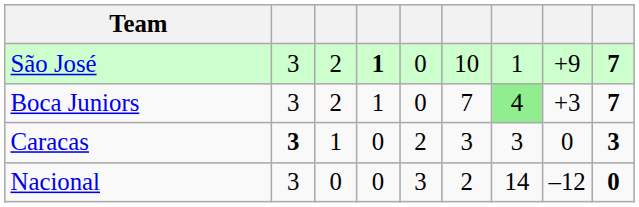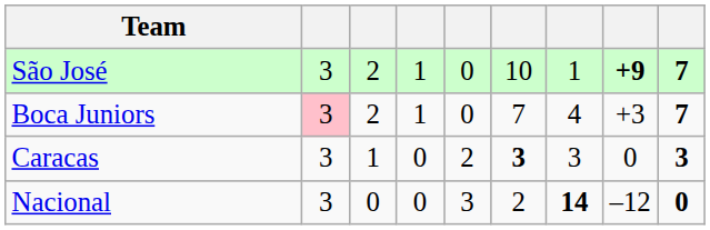 <table class="wikitable" style="text-align: center;">
 <tr>
 <th width=165>Team</th>
 <th width=20></th>
 <th width=20></th>
 <th width=20></th>
 <th width=20></th>
 <th width=25></th>
 <th width=25></th>
 <th width=25></th>
 <th width=20></th>
 </tr>
 <tr bgcolor=ccffcc>
 <td align=left> <a href='#'>São José</a></td>
 <td>3</td>
 <td>2</td>
-<td><strong>1</strong></td>
+<td>1</td>
 <td>0</td>
 <td>10</td>
 <td>1</td>
-<td>+9</td>
+<td><strong>+9</strong></td>
 <td><strong>7</strong></td>
 </tr>
 <tr>
 <td align=left> <a href='#'>Boca Juniors</a></td>
-<td>3</td>
+<td style="background: pink;">3</td>
 <td>2</td>
 <td>1</td>
 <td>0</td>
 <td>7</td>
-<td style="background: lightgreen;">4</td>
+<td>4</td>
 <td>+3</td>
 <td><strong>7</strong></td>
 </tr>
 <tr>
 <td align=left>  <a href='#'>Caracas</a></td>
-<td><strong>3</strong></td>
+<td>3</td>
 <td>1</td>
 <td>0</td>
 <td>2</td>
-<td>3</td>
+<td><strong>3</strong></td>
 <td>3</td>
 <td>0</td>
 <td><strong>3</strong></td>
 </tr>
 <tr>
 <td align=left> <a href='#'>Nacional</a></td>
 <td>3</td>
 <td>0</td>
 <td>0</td>
 <td>3</td>
 <td>2</td>
-<td>14</td>
+<td><strong>14</strong></td>
 <td>–12</td>
 <td><strong>0</strong></td>
 </tr>
 </table>
